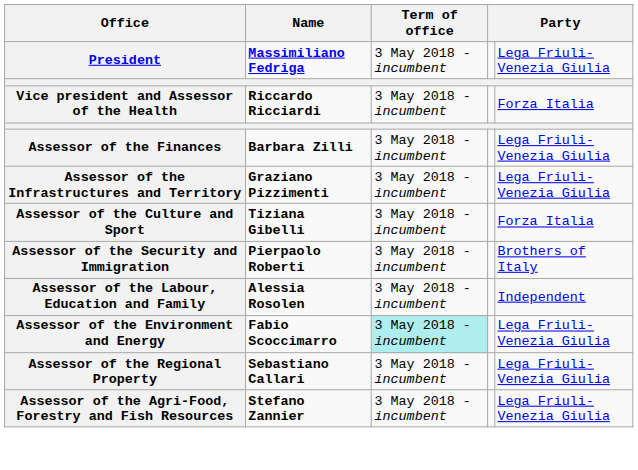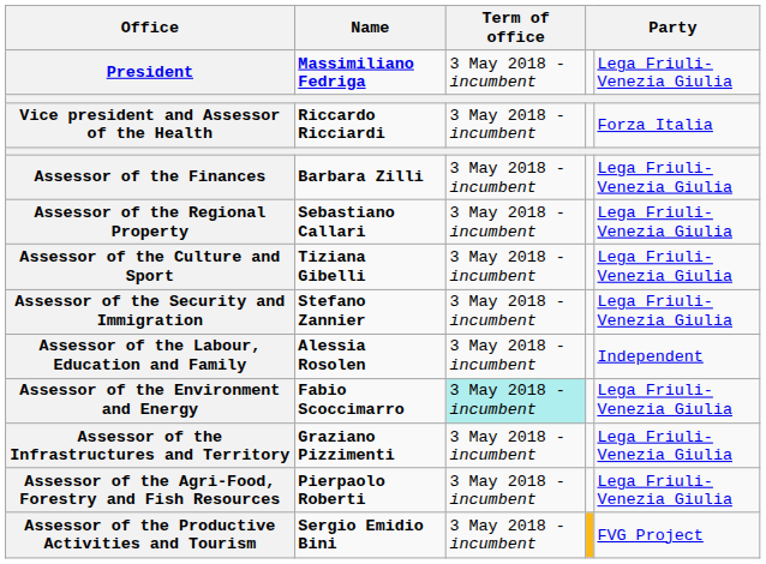 <table class="wikitable">
 <tr>
 <th>Office</th>
 <th>Name</th>
 <th>Term of office</th>
 <th colspan="2">Party</th>
 </tr>
 <tr>
 <th><a href='#'>President</a></th>
 <td><strong><a href='#'>Massimiliano Fedriga</a></strong></td>
 <td>3 May 2018 - <em>incumbent</em></td>
 <td></td>
 <td><a href='#'>Lega Friuli-Venezia Giulia</a></td>
 </tr>
 <tr>
 <th colspan="5"></th>
 </tr>
 <tr>
 <th>Vice president and Assessor of the Health</th>
 <td><strong>Riccardo Ricciardi</strong></td>
 <td>3 May 2018 - <em>incumbent</em></td>
 <td></td>
 <td><a href='#'>Forza Italia</a></td>
 </tr>
 <tr>
 <th colspan="5"></th>
 </tr>
 <tr>
 <th>Assessor of the Finances</th>
 <td><strong>Barbara Zilli</strong></td>
 <td>3 May 2018 - <em>incumbent</em></td>
 <td></td>
 <td><a href='#'>Lega Friuli-Venezia Giulia</a></td>
 </tr>
 <tr>
-<th>Assessor of the Infrastructures and Territory</th>
-<td><strong>Graziano Pizzimenti</strong></td>
+<th>Assessor of the Regional Property</th>
+<td><strong>Sebastiano Callari</strong></td>
 <td>3 May 2018 - <em>incumbent</em></td>
 <td></td>
 <td><a href='#'>Lega Friuli-Venezia Giulia</a></td>
 </tr>
 <tr>
 <th>Assessor of the Culture and Sport</th>
 <td><strong>Tiziana Gibelli</strong></td>
 <td>3 May 2018 - <em>incumbent</em></td>
 <td></td>
-<td><a href='#'>Forza Italia</a></td>
+<td><a href='#'>Lega Friuli-Venezia Giulia</a></td>
 </tr>
 <tr>
 <th>Assessor of the Security and Immigration</th>
-<td><strong>Pierpaolo Roberti</strong></td>
+<td><strong>Stefano Zannier</strong></td>
 <td>3 May 2018 - <em>incumbent</em></td>
 <td></td>
-<td><a href='#'>Brothers of Italy</a></td>
+<td><a href='#'>Lega Friuli-Venezia Giulia</a></td>
 </tr>
 <tr>
 <th>Assessor of the Labour, Education and Family</th>
 <td><strong>Alessia Rosolen</strong></td>
 <td>3 May 2018 - <em>incumbent</em></td>
 <td></td>
 <td><a href='#'>Independent</a></td>
 </tr>
 <tr>
 <th>Assessor of the Environment and Energy</th>
 <td><strong>Fabio Scoccimarro</strong></td>
 <td style="background: paleturquoise;">3 May 2018 - <em>incumbent</em></td>
 <td></td>
 <td><a href='#'>Lega Friuli-Venezia Giulia</a></td>
 </tr>
 <tr>
-<th>Assessor of the Regional Property</th>
-<td><strong>Sebastiano Callari</strong></td>
+<th>Assessor of the Infrastructures and Territory</th>
+<td><strong>Graziano Pizzimenti</strong></td>
 <td>3 May 2018 - <em>incumbent</em></td>
 <td></td>
 <td><a href='#'>Lega Friuli-Venezia Giulia</a></td>
 </tr>
 <tr>
 <th>Assessor of the Agri-Food, Forestry and Fish Resources</th>
-<td><strong>Stefano Zannier</strong></td>
+<td><strong>Pierpaolo Roberti</strong></td>
 <td>3 May 2018 - <em>incumbent</em></td>
 <td></td>
 <td><a href='#'>Lega Friuli-Venezia Giulia</a></td>
 </tr>
+<tr>
+<th>Assessor of the Productive Activities and Tourism</th>
+<td><strong>Sergio Emidio Bini</strong></td>
+<td>3 May 2018 - <em>incumbent</em></td>
+<td bgcolor="#fbb917"></td>
+<td><a href='#'>FVG Project</a></td>
+</tr>
 </table>
